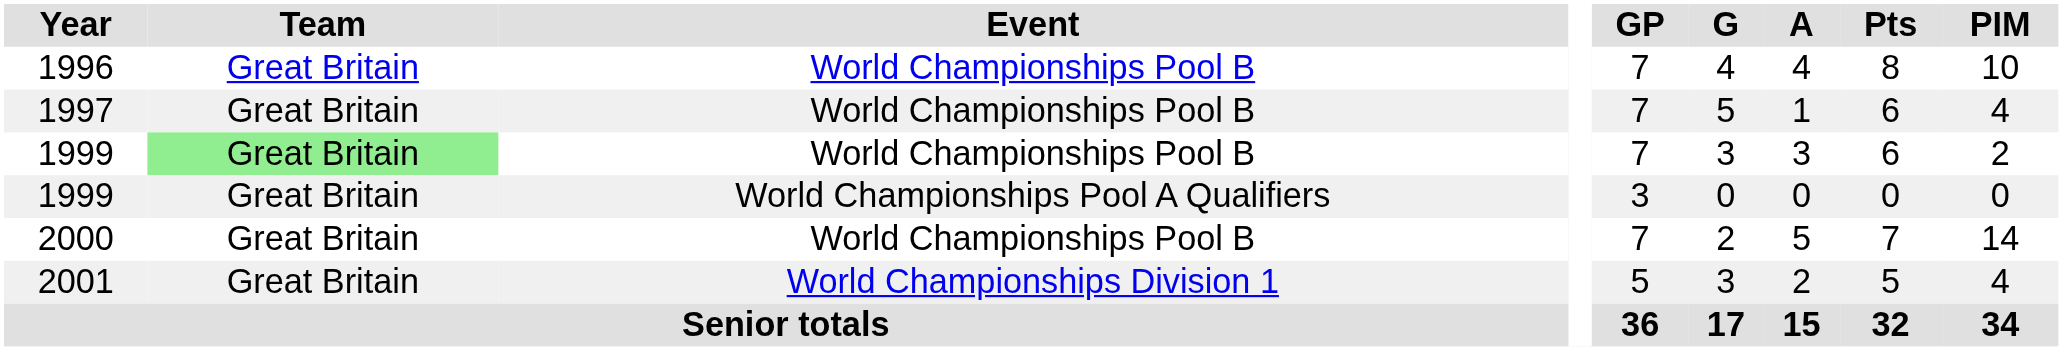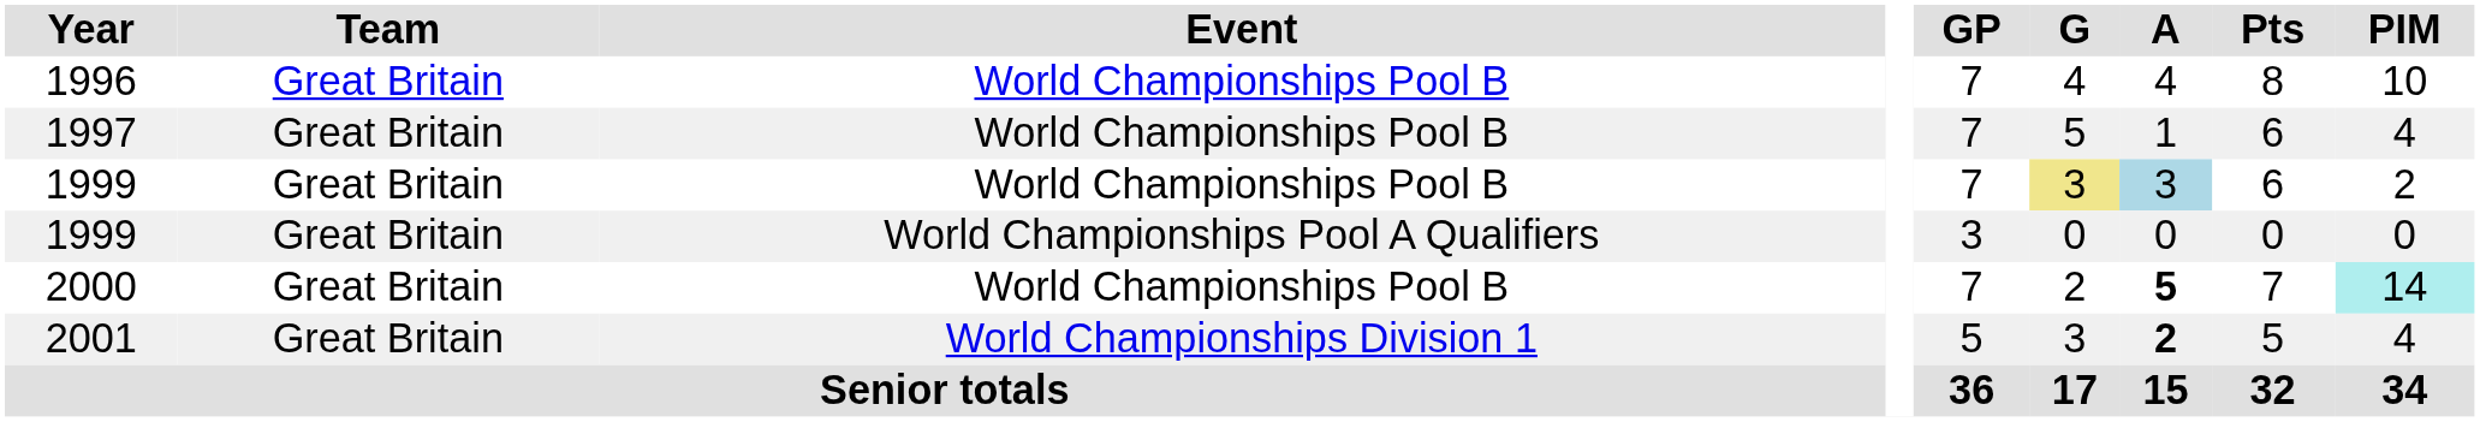 <table border="0" cellpadding="1" cellspacing="0" style="text-align:center; width:60em">
 <tr align="center" bgcolor="#e0e0e0">
 <th>Year</th>
 <th>Team</th>
 <th>Event</th>
 <th rowspan="99" bgcolor="#ffffff"> </th>
 <th>GP</th>
 <th>G</th>
 <th>A</th>
 <th>Pts</th>
 <th>PIM</th>
 </tr>
 <tr align="center">
 <td>1996</td>
 <td><a href='#'>Great Britain</a></td>
 <td><a href='#'>World Championships Pool B</a></td>
 <td>7</td>
 <td>4</td>
 <td>4</td>
 <td>8</td>
 <td>10</td>
 </tr>
 <tr align="center" bgcolor="#f0f0f0">
 <td>1997</td>
 <td>Great Britain</td>
 <td>World Championships Pool B</td>
 <td>7</td>
 <td>5</td>
 <td>1</td>
 <td>6</td>
 <td>4</td>
 </tr>
 <tr align="center">
 <td>1999</td>
-<td style="background: lightgreen;">Great Britain</td>
+<td>Great Britain</td>
 <td>World Championships Pool B</td>
 <td>7</td>
-<td>3</td>
-<td>3</td>
+<td style="background: khaki;">3</td>
+<td style="background: lightblue;">3</td>
 <td>6</td>
 <td>2</td>
 </tr>
 <tr align="center" bgcolor="#f0f0f0">
 <td>1999</td>
 <td>Great Britain</td>
 <td>World Championships Pool A Qualifiers</td>
 <td>3</td>
 <td>0</td>
 <td>0</td>
 <td>0</td>
 <td>0</td>
 </tr>
 <tr align="center">
 <td>2000</td>
 <td>Great Britain</td>
 <td>World Championships Pool B</td>
 <td>7</td>
 <td>2</td>
-<td>5</td>
+<td><strong>5</strong></td>
 <td>7</td>
-<td>14</td>
+<td style="background: paleturquoise;">14</td>
 </tr>
 <tr align="center" bgcolor="#f0f0f0">
 <td>2001</td>
 <td>Great Britain</td>
 <td><a href='#'>World Championships Division 1</a></td>
 <td>5</td>
 <td>3</td>
-<td>2</td>
+<td><strong>2</strong></td>
 <td>5</td>
 <td>4</td>
 </tr>
 <tr bgcolor="#e0e0e0">
 <th colspan="3">Senior totals</th>
 <th>36</th>
 <th>17</th>
 <th>15</th>
 <th>32</th>
 <th>34</th>
 </tr>
 </table>
